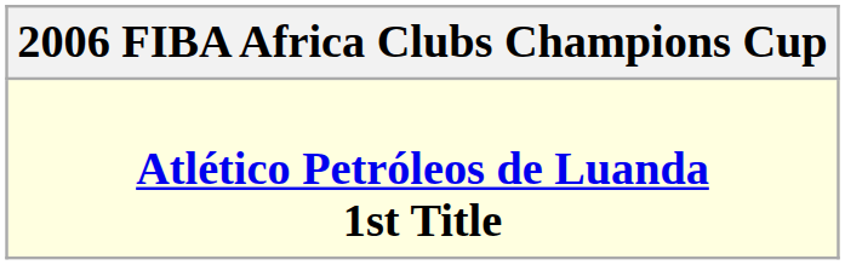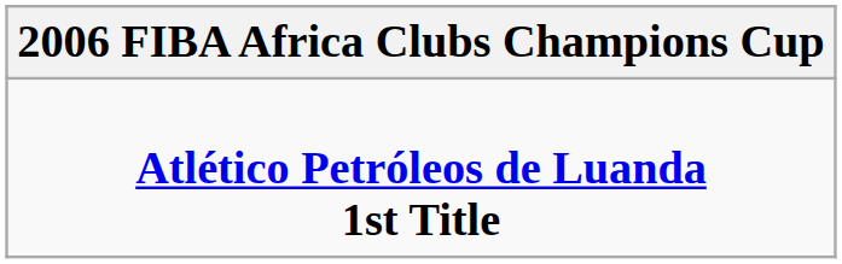 <table class=wikitable style="text-align:center; margin:auto">
 <tr>
 <th>2006 FIBA Africa Clubs Champions Cup</th>
 </tr>
 <tr>
-<td style="background: lightyellow;"><br><strong><a href='#'>Atlético Petróleos de Luanda</a></strong><br><strong>1st Title</strong></td>
+<td><br><strong><a href='#'>Atlético Petróleos de Luanda</a></strong><br><strong>1st Title</strong></td>
 </tr>
 </table>
